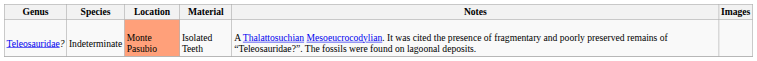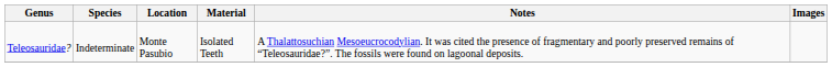 <table class = "wikitable">
 <tr>
 <th>Genus</th>
 <th>Species</th>
 <th>Location</th>
 <th>Material</th>
 <th>Notes</th>
 <th>Images</th>
 </tr>
 <tr>
 <td><br><a href='#'>Teleosauridae</a><em>?</em></td>
 <td><br>Indeterminate</td>
-<td style="background: lightsalmon;"><br>Monte Pasubio</td>
+<td><br>Monte Pasubio</td>
 <td><br>Isolated Teeth</td>
 <td><br>A <a href='#'>Thalattosuchian</a> <a href='#'>Mesoeucrocodylian</a>. It was cited the presence of fragmentary and poorly preserved remains of “Teleosauridae?”. The fossils were found on lagoonal deposits.</td>
 <td><br></td>
 </tr>
 <tr>
 </tr>
 </table>
